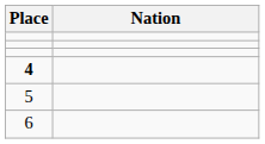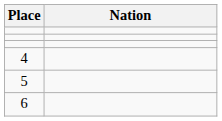 <table class=wikitable style=text-align:center>
 <tr>
 <th width=35>Place</th>
 <th width=185>Nation</th>
 </tr>
 <tr>
 <td></td>
 <td style=text-align:left></td>
 </tr>
 <tr>
 <td></td>
 <td style=text-align:left></td>
 </tr>
 <tr>
 <td></td>
 <td style=text-align:left></td>
 </tr>
 <tr>
-<td><strong>4</strong></td>
+<td>4</td>
 <td style=text-align:left></td>
 </tr>
 <tr>
 <td>5</td>
 <td style=text-align:left></td>
 </tr>
 <tr>
 <td>6</td>
 <td style=text-align:left></td>
 </tr>
 </table>
